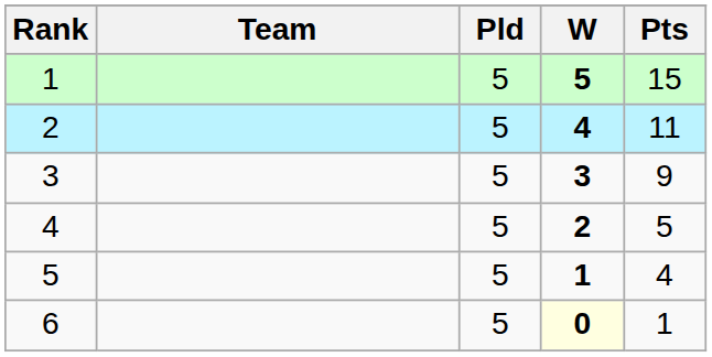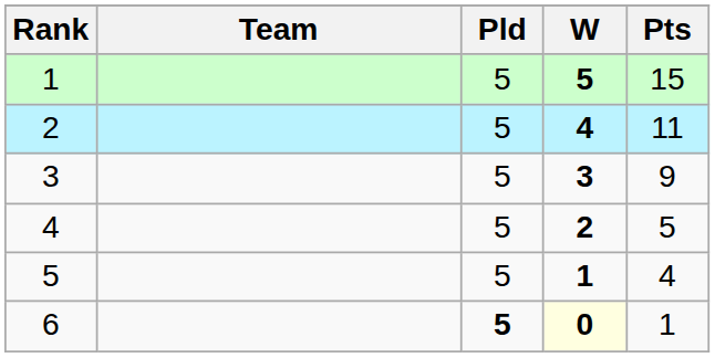 <table class="wikitable">
 <tr>
 </tr>
 <tr>
 <th style="width:35px">Rank</th>
 <th style="width:180px">Team</th>
 <th style="width:35px">Pld</th>
 <th style="width:35px">W</th>
 <th style="width:35px">Pts</th>
 </tr>
 <tr bgcolor=#ccffcc>
 <td align=center>1</td>
 <td></td>
 <td align=center>5</td>
 <td align=center><strong>5</strong></td>
 <td align=center>15</td>
 </tr>
 <tr bgcolor=#bbf3ff>
 <td align=center>2</td>
 <td></td>
 <td align=center>5</td>
 <td align=center><strong>4</strong></td>
 <td align=center>11</td>
 </tr>
 <tr>
 <td align=center>3</td>
 <td></td>
 <td align=center>5</td>
 <td align=center><strong>3</strong></td>
 <td align=center>9</td>
 </tr>
 <tr>
 <td align=center>4</td>
 <td></td>
 <td align=center>5</td>
 <td align=center><strong>2</strong></td>
 <td align=center>5</td>
 </tr>
 <tr>
 <td align=center>5</td>
 <td></td>
 <td align=center>5</td>
 <td align=center><strong>1</strong></td>
 <td align=center>4</td>
 </tr>
 <tr>
 <td align=center>6</td>
 <td></td>
-<td align=center>5</td>
+<td align=center><strong>5</strong></td>
 <td align=center style="background: lightyellow;"><strong>0</strong></td>
 <td align=center>1</td>
 </tr>
 </table>
